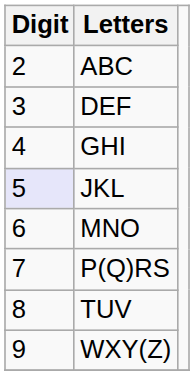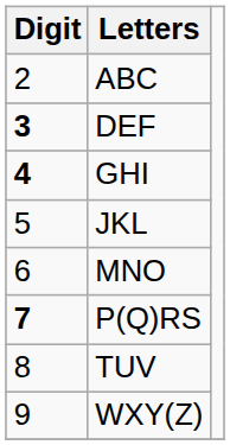 <table class=wikitable style="float:right;">
 <tr>
 <th>Digit</th>
 <th>Letters</th>
 <td rowspan=9></td>
 </tr>
 <tr>
 <td>2</td>
 <td>ABC</td>
 </tr>
 <tr>
-<td>3</td>
+<td><strong>3</strong></td>
 <td>DEF</td>
 </tr>
 <tr>
-<td>4</td>
+<td><strong>4</strong></td>
 <td>GHI</td>
 </tr>
 <tr>
-<td style="background: lavender;">5</td>
+<td>5</td>
 <td>JKL</td>
 </tr>
 <tr>
 <td>6</td>
 <td>MNO</td>
 </tr>
 <tr>
-<td>7</td>
+<td><strong>7</strong></td>
 <td>P(Q)RS</td>
 </tr>
 <tr>
 <td>8</td>
 <td>TUV</td>
 </tr>
 <tr>
 <td>9</td>
 <td>WXY(Z)</td>
 </tr>
 <tr>
 </tr>
 </table>
